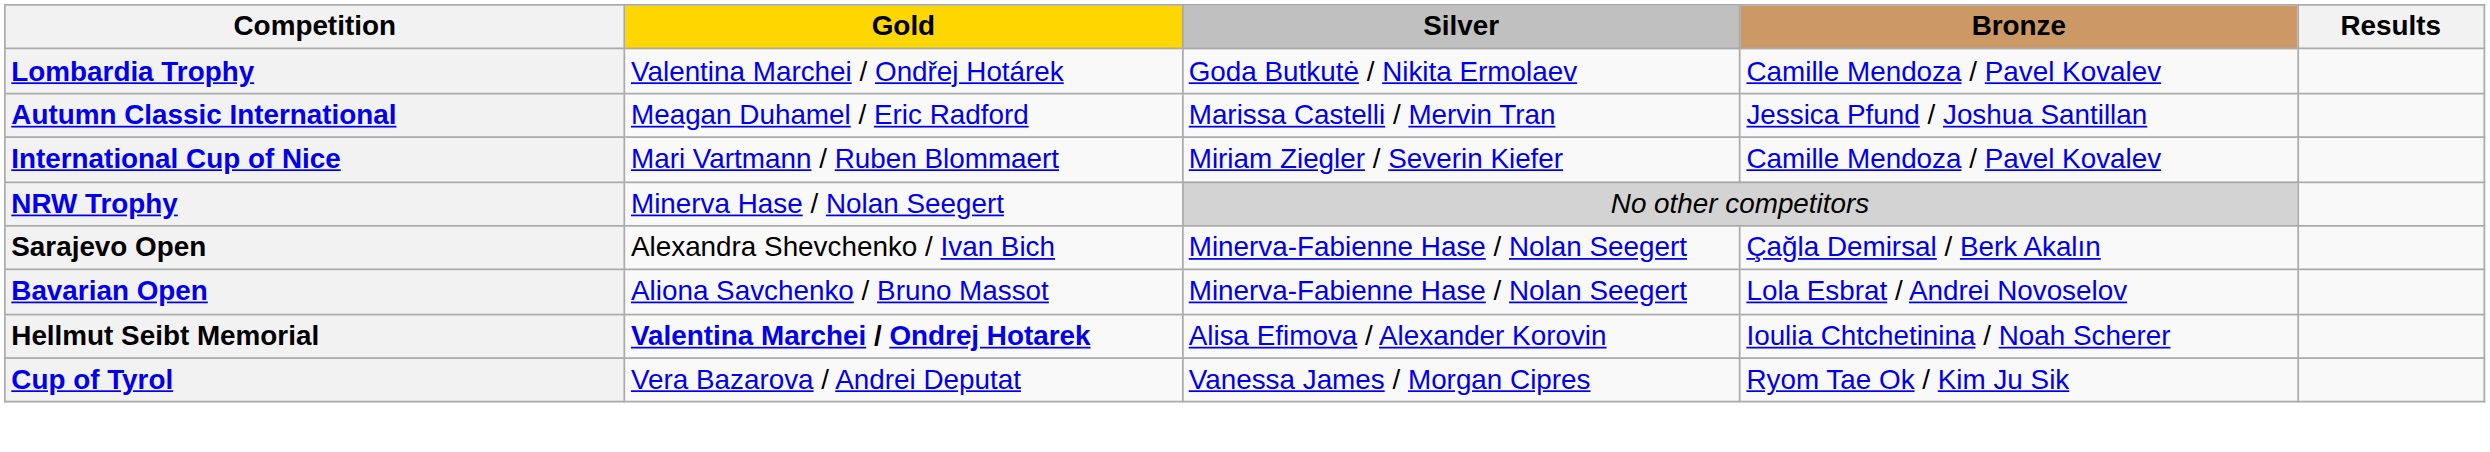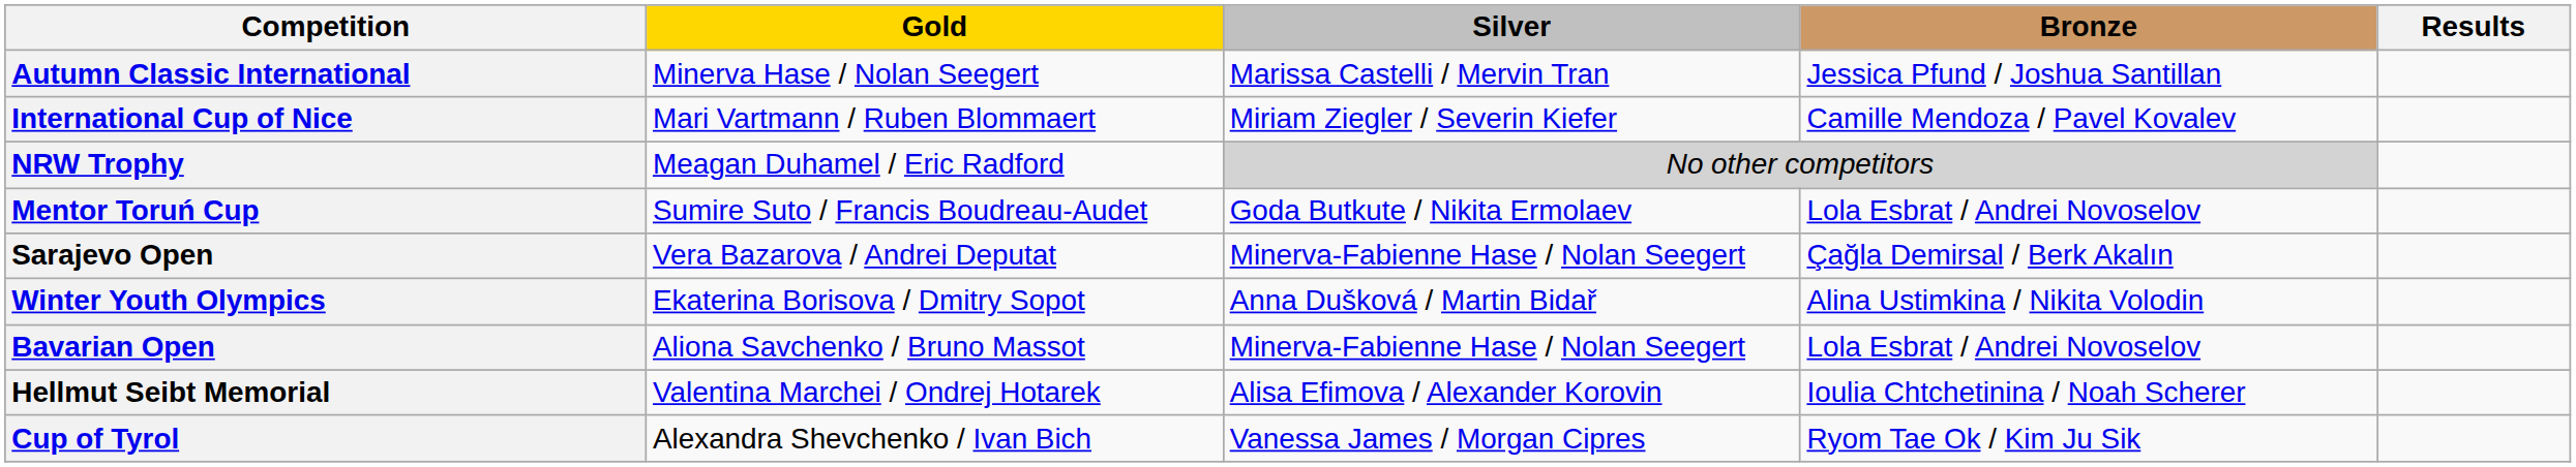 <table class="wikitable unsortable" style="text-align:left; width:90%;">
 <tr>
 <th scope="col" style="text-align:center; width:25%;">Competition</th>
 <td scope="col" style="text-align:center; width:22.5%; background:gold"><strong>Gold</strong></td>
 <td scope="col" style="text-align:center; width:22.5%; background:silver"><strong>Silver</strong></td>
 <td scope="col" style="text-align:center; width:22.5%; background:#c96"><strong>Bronze</strong></td>
 <th scope="col" style="text-align:center; width:7.5%;">Results</th>
 </tr>
 <tr>
-<th scope="row" style="text-align:left"> <a href='#'>Lombardia Trophy</a></th>
-<td> <a href='#'>Valentina Marchei</a> / <a href='#'>Ondřej Hotárek</a></td>
-<td> <a href='#'>Goda Butkutė</a> / <a href='#'>Nikita Ermolaev</a></td>
-<td> <a href='#'>Camille Mendoza</a> / <a href='#'>Pavel Kovalev</a></td>
-<td></td>
-</tr>
-<tr>
 <th scope="row" style="text-align:left"> <a href='#'>Autumn Classic International</a></th>
-<td> <a href='#'>Meagan Duhamel</a> / <a href='#'>Eric Radford</a></td>
+<td> <a href='#'>Minerva Hase</a> / <a href='#'>Nolan Seegert</a></td>
 <td> <a href='#'>Marissa Castelli</a> / <a href='#'>Mervin Tran</a></td>
 <td> <a href='#'>Jessica Pfund</a> / <a href='#'>Joshua Santillan</a></td>
 <td></td>
 </tr>
 <tr>
 <th scope="row" style="text-align:left"> <a href='#'>International Cup of Nice</a></th>
 <td> <a href='#'>Mari Vartmann</a> / <a href='#'>Ruben Blommaert</a></td>
 <td> <a href='#'>Miriam Ziegler</a> / <a href='#'>Severin Kiefer</a></td>
 <td> <a href='#'>Camille Mendoza</a> / <a href='#'>Pavel Kovalev</a></td>
 <td></td>
 </tr>
 <tr>
 <th scope="row" style="text-align:left"> <a href='#'>NRW Trophy</a></th>
-<td> <a href='#'>Minerva Hase</a> / <a href='#'>Nolan Seegert</a></td>
+<td> <a href='#'>Meagan Duhamel</a> / <a href='#'>Eric Radford</a></td>
 <td colspan=2 align="center" bgcolor="lightgray"><em>No other competitors</em></td>
 <td></td>
 </tr>
 <tr>
+<th scope="row" style="text-align:left"> <a href='#'>Mentor Toruń Cup</a></th>
+<td> <a href='#'>Sumire Suto</a> / <a href='#'>Francis Boudreau-Audet</a></td>
+<td> <a href='#'>Goda Butkute</a> / <a href='#'>Nikita Ermolaev</a></td>
+<td> <a href='#'>Lola Esbrat</a> / <a href='#'>Andrei Novoselov</a></td>
+<td></td>
+</tr>
+<tr>
 <th scope="row" style="text-align:left"> Sarajevo Open</th>
-<td> Alexandra Shevchenko / <a href='#'>Ivan Bich</a></td>
+<td> <a href='#'>Vera Bazarova</a> / <a href='#'>Andrei Deputat</a></td>
 <td> <a href='#'>Minerva-Fabienne Hase</a> / <a href='#'>Nolan Seegert</a></td>
 <td> <a href='#'>Çağla Demirsal</a> / <a href='#'>Berk Akalın</a></td>
+<td></td>
+</tr>
+<tr>
+<th scope="row" style="text-align:left"> <a href='#'>Winter Youth Olympics</a></th>
+<td> <a href='#'>Ekaterina Borisova</a> / <a href='#'>Dmitry Sopot</a></td>
+<td> <a href='#'>Anna Dušková</a> / <a href='#'>Martin Bidař</a></td>
+<td> <a href='#'>Alina Ustimkina</a> / <a href='#'>Nikita Volodin</a></td>
 <td></td>
 </tr>
 <tr>
 <th scope="row" style="text-align:left"> <a href='#'>Bavarian Open</a></th>
 <td> <a href='#'>Aliona Savchenko</a> / <a href='#'>Bruno Massot</a></td>
 <td> <a href='#'>Minerva-Fabienne Hase</a> / <a href='#'>Nolan Seegert</a></td>
 <td> <a href='#'>Lola Esbrat</a> / <a href='#'>Andrei Novoselov</a></td>
 <td></td>
 </tr>
 <tr>
 <th scope="row" style="text-align:left"> Hellmut Seibt Memorial</th>
-<td><strong> <a href='#'>Valentina Marchei</a> / <a href='#'>Ondrej Hotarek</a></strong></td>
+<td> <a href='#'>Valentina Marchei</a> / <a href='#'>Ondrej Hotarek</a></td>
 <td> <a href='#'>Alisa Efimova</a> / <a href='#'>Alexander Korovin</a></td>
 <td> <a href='#'>Ioulia Chtchetinina</a> / <a href='#'>Noah Scherer</a></td>
 <td></td>
 </tr>
 <tr>
 <th scope="row" style="text-align:left"> <a href='#'>Cup of Tyrol</a></th>
-<td> <a href='#'>Vera Bazarova</a> / <a href='#'>Andrei Deputat</a></td>
+<td> Alexandra Shevchenko / <a href='#'>Ivan Bich</a></td>
 <td> <a href='#'>Vanessa James</a> / <a href='#'>Morgan Cipres</a></td>
 <td> <a href='#'>Ryom Tae Ok</a> / <a href='#'>Kim Ju Sik</a></td>
 <td></td>
 </tr>
 </table>
